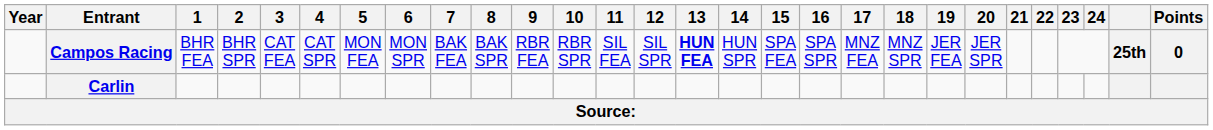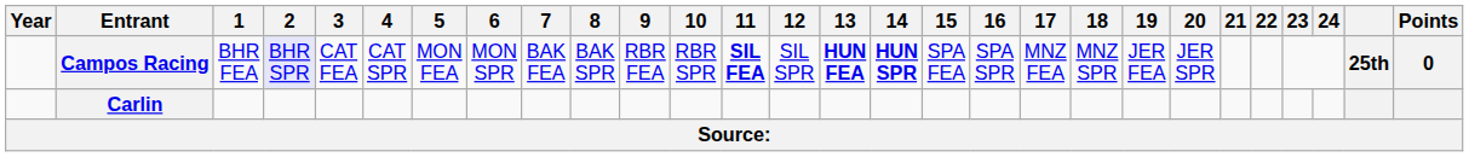 <table class="wikitable" style="text-align:center; font-size:85%">
 <tr>
 <th>Year</th>
 <th>Entrant</th>
 <th>1</th>
 <th>2</th>
 <th>3</th>
 <th>4</th>
 <th>5</th>
 <th>6</th>
 <th>7</th>
 <th>8</th>
 <th>9</th>
 <th>10</th>
 <th>11</th>
 <th>12</th>
 <th>13</th>
 <th>14</th>
 <th>15</th>
 <th>16</th>
 <th>17</th>
 <th>18</th>
 <th>19</th>
 <th>20</th>
 <th>21</th>
 <th>22</th>
 <th>23</th>
 <th>24</th>
 <th></th>
 <th>Points</th>
 </tr>
 <tr>
 <td id=2017F></td>
 <th nowrap><a href='#'>Campos Racing</a></th>
 <td><a href='#'>BHR<br>FEA</a></td>
-<td><a href='#'>BHR<br>SPR</a></td>
+<td style="background: lavender;"><a href='#'>BHR<br>SPR</a></td>
 <td><a href='#'>CAT<br>FEA</a></td>
 <td><a href='#'>CAT<br>SPR</a></td>
 <td><a href='#'>MON<br>FEA</a></td>
 <td><a href='#'>MON<br>SPR</a></td>
 <td><a href='#'>BAK<br>FEA</a></td>
 <td><a href='#'>BAK<br>SPR</a></td>
 <td><a href='#'>RBR<br>FEA</a></td>
 <td><a href='#'>RBR<br>SPR</a></td>
-<td><a href='#'>SIL<br>FEA</a></td>
+<td><strong><a href='#'>SIL<br>FEA</a></strong></td>
 <td><a href='#'>SIL<br>SPR</a></td>
 <td><strong><a href='#'>HUN<br>FEA</a></strong></td>
-<td><a href='#'>HUN<br>SPR</a></td>
+<td><strong><a href='#'>HUN<br>SPR</a></strong></td>
 <td><a href='#'>SPA<br>FEA</a></td>
 <td><a href='#'>SPA<br>SPR</a></td>
 <td><a href='#'>MNZ<br>FEA</a></td>
 <td><a href='#'>MNZ<br>SPR</a></td>
 <td><a href='#'>JER<br>FEA</a></td>
 <td><a href='#'>JER<br>SPR</a></td>
 <td></td>
 <td></td>
 <td colspan="2"></td>
 <th>25th</th>
 <th>0</th>
 </tr>
 <tr>
 <td id=2018R></td>
 <th><a href='#'>Carlin</a></th>
 <td></td>
 <td></td>
 <td></td>
 <td></td>
 <td></td>
 <td></td>
 <td></td>
 <td></td>
 <td></td>
 <td></td>
 <td></td>
 <td></td>
 <td></td>
 <td></td>
 <td></td>
 <td></td>
 <td></td>
 <td></td>
 <td></td>
 <td></td>
 <td></td>
 <td></td>
 <td></td>
 <td></td>
 <th></th>
 <th></th>
 </tr>
 <tr>
 <th colspan="100">Source:</th>
 </tr>
 </table>
